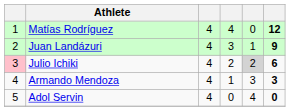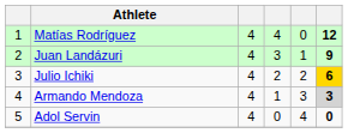 <table class="wikitable" style="text-align: center; font-size:100% ">
 <tr>
 <th width=25></th>
 <th width=250>Athlete</th>
 <th width=25></th>
 <th width=25></th>
 <th width=25></th>
 <th width=25></th>
 </tr>
 <tr bgcolor="ccffcc">
 <td>1</td>
 <td align=left> <a href='#'>Matías Rodríguez</a></td>
 <td>4</td>
 <td>4</td>
 <td>0</td>
 <td><strong>12</strong></td>
 </tr>
 <tr bgcolor="ccffcc">
 <td>2</td>
 <td align=left> <a href='#'>Juan Landázuri</a></td>
 <td>4</td>
 <td>3</td>
 <td>1</td>
 <td><strong>9</strong></td>
 </tr>
 <tr>
-<td style="background: pink;">3</td>
+<td>3</td>
 <td align=left> <a href='#'>Julio Ichiki</a></td>
 <td>4</td>
 <td>2</td>
-<td style="background: lightgrey;">2</td>
-<td><strong>6</strong></td>
+<td>2</td>
+<td style="background: gold;"><strong>6</strong></td>
 </tr>
 <tr>
 <td>4</td>
 <td align=left> <a href='#'>Armando Mendoza</a></td>
 <td>4</td>
 <td>1</td>
 <td>3</td>
-<td><strong>3</strong></td>
+<td style="background: lightgrey;"><strong>3</strong></td>
 </tr>
 <tr>
 <td>5</td>
 <td align=left> <a href='#'>Adol Servin</a></td>
 <td>4</td>
 <td>0</td>
 <td>4</td>
 <td><strong>0</strong></td>
 </tr>
 <tr>
 </tr>
 </table>
